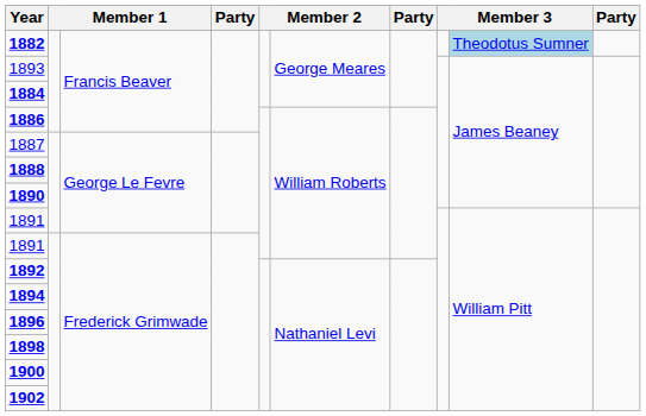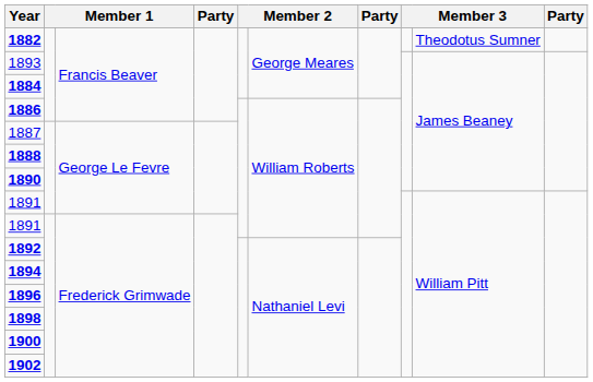 <table class="wikitable">
 <tr>
 <th>Year</th>
 <th colspan=2>Member 1</th>
 <th>Party</th>
 <th colspan=2>Member 2</th>
 <th>Party</th>
 <th colspan=2>Member 3</th>
 <th>Party</th>
 </tr>
 <tr>
 <td><strong><a href='#'>1882</a></strong></td>
 <td rowspan=4 > </td>
 <td rowspan=4><a href='#'>Francis Beaver</a></td>
 <td rowspan=4> </td>
 <td rowspan=3 > </td>
 <td rowspan=3><a href='#'>George Meares</a></td>
 <td rowspan=3> </td>
 <td rowspan=1 > </td>
-<td rowspan=1 style="background: lightblue;"><a href='#'>Theodotus Sumner</a></td>
+<td rowspan=1><a href='#'>Theodotus Sumner</a></td>
 <td rowspan=1> </td>
 </tr>
 <tr>
 <td><a href='#'>1893</a></td>
 <td rowspan=6 > </td>
 <td rowspan=6><a href='#'>James Beaney</a></td>
 <td rowspan=6> </td>
 </tr>
 <tr>
 <td><strong><a href='#'>1884</a></strong></td>
 </tr>
 <tr>
 <td><strong><a href='#'>1886</a></strong></td>
 <td rowspan=6 > </td>
 <td rowspan=6><a href='#'>William Roberts</a></td>
 <td rowspan=6> </td>
 </tr>
 <tr>
 <td><a href='#'>1887</a></td>
 <td rowspan=4 > </td>
 <td rowspan=4><a href='#'>George Le Fevre</a></td>
 <td rowspan=4> </td>
 </tr>
 <tr>
 <td><strong><a href='#'>1888</a></strong></td>
 </tr>
 <tr>
 <td><strong><a href='#'>1890</a></strong></td>
 </tr>
 <tr>
 <td><a href='#'>1891</a></td>
 <td rowspan=8 > </td>
 <td rowspan=8><a href='#'>William Pitt</a></td>
 <td rowspan=8> </td>
 </tr>
 <tr>
 <td><a href='#'>1891</a></td>
 <td rowspan=7 > </td>
 <td rowspan=7><a href='#'>Frederick Grimwade</a></td>
 <td rowspan=7> </td>
 </tr>
 <tr>
 <td><strong><a href='#'>1892</a></strong></td>
 <td rowspan=6 > </td>
 <td rowspan=6><a href='#'>Nathaniel Levi</a></td>
 <td rowspan=6> </td>
 </tr>
 <tr>
 <td><strong><a href='#'>1894</a></strong></td>
 </tr>
 <tr>
 <td><strong><a href='#'>1896</a></strong></td>
 </tr>
 <tr>
 <td><strong><a href='#'>1898</a></strong></td>
 </tr>
 <tr>
 <td><strong><a href='#'>1900</a></strong></td>
 </tr>
 <tr>
 <td><strong><a href='#'>1902</a></strong></td>
 </tr>
 </table>
